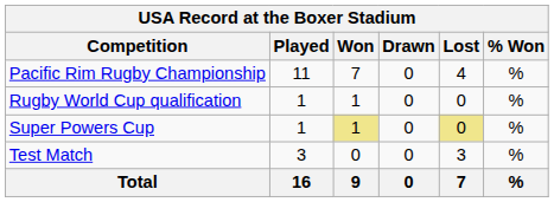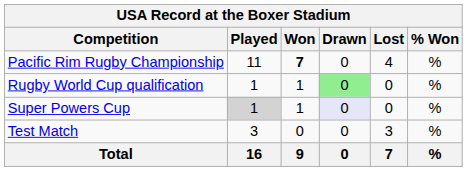 <table class = "wikitable sortable" style="text-align:center">
 <tr>
 <th colspan=6>USA Record at the Boxer Stadium</th>
 </tr>
 <tr>
 <th>Competition</th>
 <th>Played</th>
 <th>Won</th>
 <th>Drawn</th>
 <th>Lost</th>
 <th>% Won</th>
 </tr>
 <tr>
 <td style="text-align:left;"><a href='#'>Pacific Rim Rugby Championship</a></td>
 <td>11</td>
-<td>7</td>
+<td><strong>7</strong></td>
 <td>0</td>
 <td>4</td>
 <td>%</td>
 </tr>
 <tr>
 <td style="text-align:left;"><a href='#'>Rugby World Cup qualification</a></td>
 <td>1</td>
 <td>1</td>
-<td>0</td>
+<td style="background: lightgreen;">0</td>
 <td>0</td>
 <td>%</td>
 </tr>
 <tr>
 <td style="text-align:left;"><a href='#'>Super Powers Cup</a></td>
+<td style="background: lightgrey;">1</td>
 <td>1</td>
-<td style="background: khaki;">1</td>
+<td style="background: lavender;">0</td>
 <td>0</td>
-<td style="background: khaki;">0</td>
 <td>%</td>
 </tr>
 <tr>
 <td style="text-align:left;"><a href='#'>Test Match</a></td>
 <td>3</td>
 <td>0</td>
 <td>0</td>
 <td>3</td>
 <td>%</td>
 </tr>
 <tr>
 <th>Total</th>
 <th>16</th>
 <th>9</th>
 <th>0</th>
 <th>7</th>
 <th>%</th>
 </tr>
 </table>
